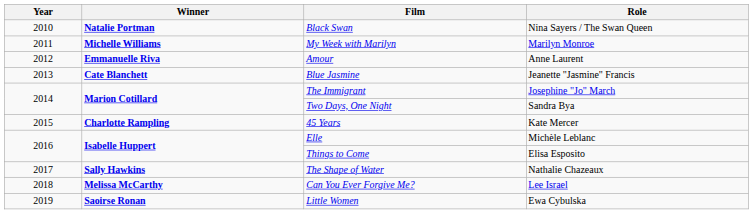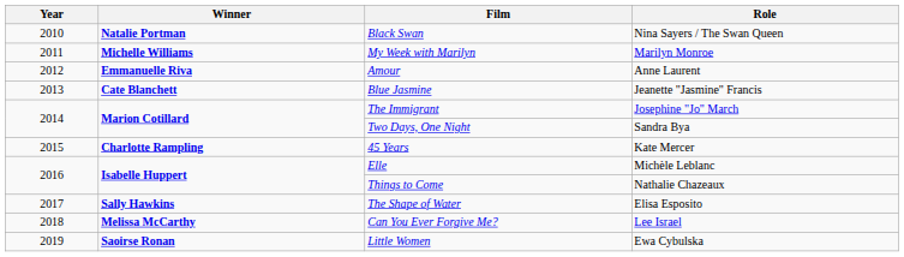 <table class="wikitable" style="width:95%;" cellpadding="5">
 <tr>
 <th style="width:100px;"><strong>Year</strong></th>
 <th style="width:300px;"><strong>Winner</strong></th>
 <th style="width:300px;"><strong>Film</strong></th>
 <th style="width:300px;"><strong>Role</strong></th>
 </tr>
 <tr>
 <td style="text-align:center;">2010</td>
 <td><strong><a href='#'>Natalie Portman</a></strong></td>
 <td><em><a href='#'>Black Swan</a></em></td>
 <td>Nina Sayers / The Swan Queen</td>
 </tr>
 <tr>
 <td style="text-align:center;">2011</td>
 <td><strong><a href='#'>Michelle Williams</a></strong></td>
 <td><em><a href='#'>My Week with Marilyn</a></em></td>
 <td><a href='#'>Marilyn Monroe</a></td>
 </tr>
 <tr>
 <td style="text-align:center;">2012</td>
 <td><strong><a href='#'>Emmanuelle Riva</a></strong></td>
 <td><em><a href='#'>Amour</a></em></td>
 <td>Anne Laurent</td>
 </tr>
 <tr>
 <td style="text-align:center;">2013</td>
 <td><strong><a href='#'>Cate Blanchett</a></strong></td>
 <td><em><a href='#'>Blue Jasmine</a></em></td>
 <td>Jeanette "Jasmine" Francis</td>
 </tr>
 <tr>
 <td rowspan="2" style="text-align:center;">2014</td>
 <td rowspan="2"><strong><a href='#'>Marion Cotillard</a></strong></td>
 <td><em><a href='#'>The Immigrant</a></em></td>
 <td><a href='#'>Josephine "Jo" March</a></td>
 </tr>
 <tr>
 <td><em><a href='#'>Two Days, One Night</a></em></td>
 <td>Sandra Bya</td>
 </tr>
 <tr>
 <td style="text-align:center;">2015</td>
 <td><strong><a href='#'>Charlotte Rampling</a></strong></td>
 <td><em><a href='#'>45 Years</a></em></td>
 <td>Kate Mercer</td>
 </tr>
 <tr>
 <td rowspan="2" style="text-align:center;">2016</td>
 <td rowspan="2"><strong><a href='#'>Isabelle Huppert</a></strong></td>
 <td><em><a href='#'>Elle</a></em></td>
 <td>Michèle Leblanc</td>
 </tr>
 <tr>
 <td><em><a href='#'>Things to Come</a></em></td>
-<td>Elisa Esposito</td>
+<td>Nathalie Chazeaux</td>
 </tr>
 <tr>
 <td style="text-align:center;">2017</td>
 <td><strong><a href='#'>Sally Hawkins</a></strong></td>
 <td><em><a href='#'>The Shape of Water</a></em></td>
-<td>Nathalie Chazeaux</td>
+<td>Elisa Esposito</td>
 </tr>
 <tr>
 <td style="text-align:center;">2018</td>
 <td><strong><a href='#'>Melissa McCarthy</a></strong></td>
 <td><em><a href='#'>Can You Ever Forgive Me?</a></em></td>
 <td><a href='#'>Lee Israel</a></td>
 </tr>
 <tr>
 <td style="text-align:center;">2019</td>
 <td><strong><a href='#'>Saoirse Ronan</a></strong></td>
 <td><em><a href='#'>Little Women</a></em></td>
 <td>Ewa Cybulska</td>
 </tr>
 </table>
